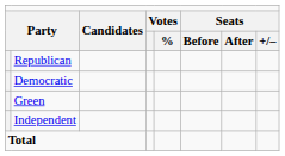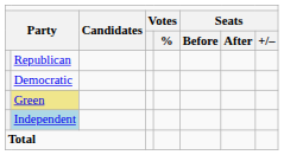 <table class="wikitable">
 <tr>
 <td colspan=13 align=center></td>
 </tr>
 <tr>
 <th rowspan="2" colspan="2">Party</th>
 <th rowspan="2">Candidates</th>
 <th colspan="2">Votes</th>
 <th colspan="3">Seats</th>
 </tr>
 <tr>
 <th></th>
 <th>%</th>
 <th>Before</th>
 <th>After</th>
 <th>+/–</th>
 </tr>
 <tr>
 <th style="background-color:"></th>
 <td><a href='#'>Republican</a></td>
 <td align="right"></td>
 <td align="right"></td>
 <td align="right"></td>
 <td align="right" ></td>
 <td align="right"></td>
 <td align="right"></td>
 </tr>
 <tr>
 <th style="background-color:"></th>
 <td><a href='#'>Democratic</a></td>
 <td align="right"></td>
 <td align="right"></td>
 <td align="right"></td>
 <td align="right"></td>
 <td align="right"></td>
 <td align="right"></td>
 </tr>
 <tr>
 <th style="background-color:"></th>
-<td><a href='#'>Green</a></td>
+<td style="background: khaki;"><a href='#'>Green</a></td>
 <td align="right"></td>
 <td align="right"></td>
 <td align="right"></td>
 <td align="right"></td>
 <td align="right"></td>
 <td align="right"></td>
 </tr>
 <tr>
 <th style="background-color:"></th>
-<td><a href='#'>Independent</a></td>
+<td style="background: lightblue;"><a href='#'>Independent</a></td>
 <td align="right"></td>
 <td align="right"></td>
 <td align="right"></td>
 <td align="right"></td>
 <td align="right"></td>
 <td align="right"></td>
 </tr>
 <tr>
 <td colspan="3" align="left"><strong>Total</strong></td>
 <td align="right"></td>
 <td align="right"></td>
 <td align="right"></td>
 <td align="right"></td>
 <td align="right"></td>
 </tr>
 </table>
